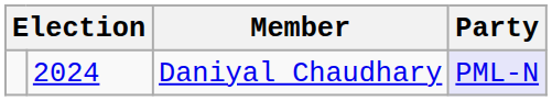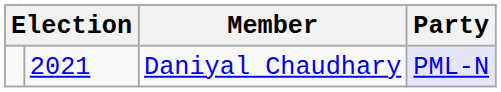 <table class="wikitable">
 <tr>
 <th colspan="2">Election</th>
 <th>Member</th>
 <th>Party</th>
 </tr>
 <tr>
 <td style="background-color: "></td>
-<td><a href='#'>2024</a></td>
+<td><a href='#'>2021</a></td>
 <td><a href='#'>Daniyal Chaudhary</a></td>
 <td style="background: lavender;"><a href='#'>PML-N</a></td>
 </tr>
 </table>
